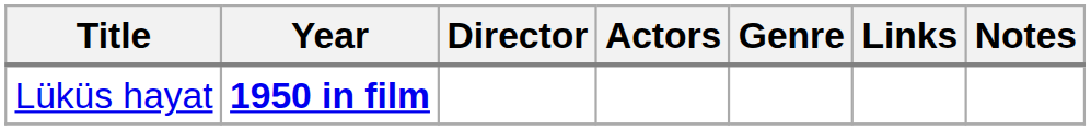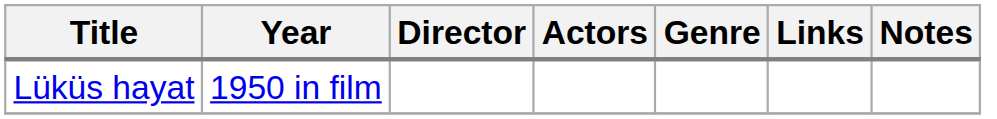 <table class="sortable wikitable" align=left border=1 cellpadding=6 cellspacing=0 style="margin: 0 0 0 1em; background: #ffffff; border: 1px #aaaaaa solid; border-collapse: collapse; text-align:left; font-size: 95%;">
 <tr style="text-align:center; background: #efefef; border-bottom:2px solid gray;">
 <th>Title</th>
 <th>Year</th>
 <th>Director</th>
 <th>Actors</th>
 <th>Genre</th>
 <th>Links</th>
 <th>Notes</th>
 </tr>
 <tr>
 <td><a href='#'>Lüküs hayat</a></td>
-<td><strong><a href='#'>1950 in film</a></strong></td>
+<td><a href='#'>1950 in film</a></td>
 <td></td>
 <td></td>
 <td></td>
 <td></td>
 <td></td>
 </tr>
 <tr>
 </tr>
 </table>
